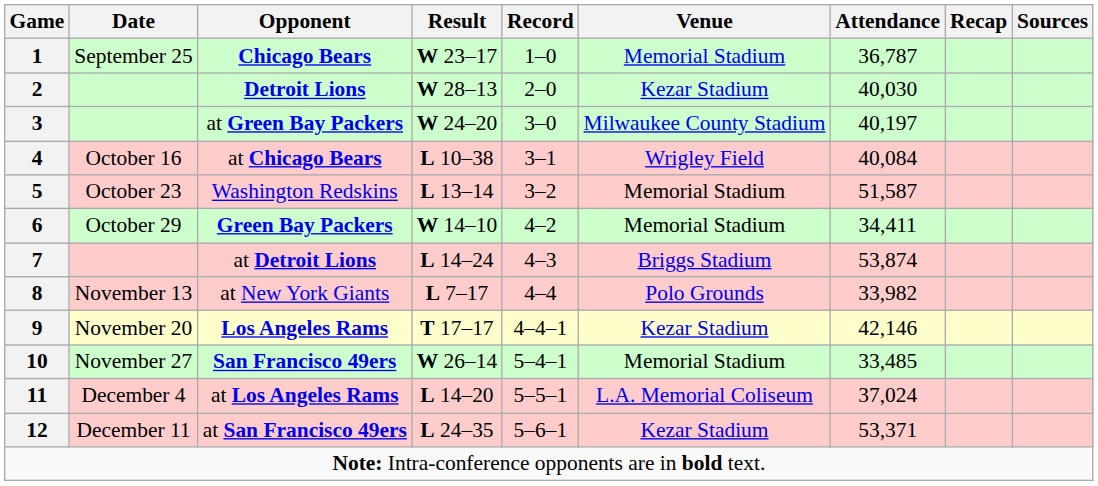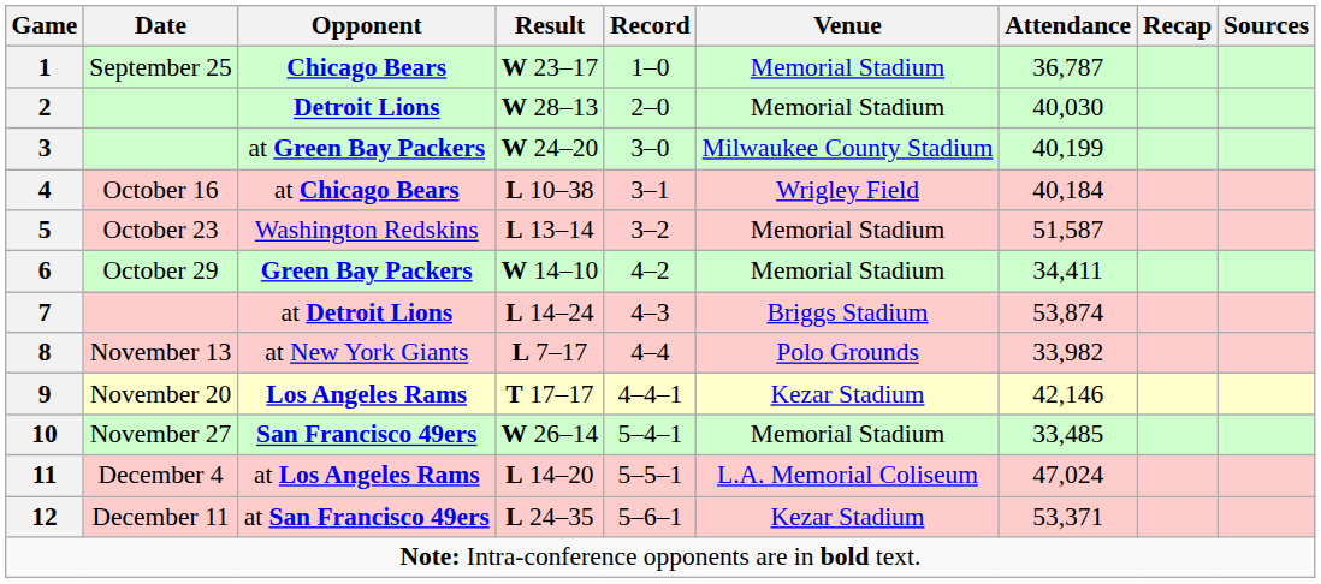 <table class="wikitable" style="text-align:center">
 <tr>
 <th>Game</th>
 <th>Date</th>
 <th>Opponent</th>
 <th>Result</th>
 <th>Record</th>
 <th>Venue</th>
 <th>Attendance</th>
 <th>Recap</th>
 <th>Sources</th>
 </tr>
 <tr style="background:#cfc">
 <th>1</th>
 <td>September 25</td>
 <td><strong><a href='#'>Chicago Bears</a></strong></td>
 <td><strong>W</strong> 23–17</td>
 <td>1–0</td>
 <td><a href='#'>Memorial Stadium</a></td>
 <td>36,787</td>
 <td></td>
 <td></td>
 </tr>
 <tr style="background:#cfc">
 <th>2</th>
 <td></td>
 <td><strong><a href='#'>Detroit Lions</a></strong></td>
 <td><strong>W</strong> 28–13</td>
 <td>2–0</td>
-<td><a href='#'>Kezar Stadium</a></td>
+<td>Memorial Stadium</td>
 <td>40,030</td>
 <td></td>
 <td></td>
 </tr>
 <tr style="background:#cfc">
 <th>3</th>
 <td></td>
 <td>at <strong><a href='#'>Green Bay Packers</a></strong></td>
 <td><strong>W</strong> 24–20</td>
 <td>3–0</td>
 <td><a href='#'>Milwaukee County Stadium</a></td>
-<td>40,197</td>
+<td>40,199</td>
 <td></td>
 <td></td>
 </tr>
 <tr style="background:#fcc">
 <th>4</th>
 <td>October 16</td>
 <td>at <strong><a href='#'>Chicago Bears</a></strong></td>
 <td><strong>L</strong> 10–38</td>
 <td>3–1</td>
 <td><a href='#'>Wrigley Field</a></td>
-<td>40,084</td>
+<td>40,184</td>
 <td></td>
 <td></td>
 </tr>
 <tr style="background:#fcc">
 <th>5</th>
 <td>October 23</td>
 <td><a href='#'>Washington Redskins</a></td>
 <td><strong>L</strong> 13–14</td>
 <td>3–2</td>
 <td>Memorial Stadium</td>
 <td>51,587</td>
 <td></td>
 <td></td>
 </tr>
 <tr style="background:#cfc">
 <th>6</th>
 <td>October 29</td>
 <td><strong><a href='#'>Green Bay Packers</a></strong></td>
 <td><strong>W</strong> 14–10</td>
 <td>4–2</td>
 <td>Memorial Stadium</td>
 <td>34,411</td>
 <td></td>
 <td></td>
 </tr>
 <tr style="background:#fcc">
 <th>7</th>
 <td></td>
 <td>at <strong><a href='#'>Detroit Lions</a></strong></td>
 <td><strong>L</strong> 14–24</td>
 <td>4–3</td>
 <td><a href='#'>Briggs Stadium</a></td>
 <td>53,874</td>
 <td></td>
 <td></td>
 </tr>
 <tr style="background:#fcc">
 <th>8</th>
 <td>November 13</td>
 <td>at <a href='#'>New York Giants</a></td>
 <td><strong>L</strong> 7–17</td>
 <td>4–4</td>
 <td><a href='#'>Polo Grounds</a></td>
 <td>33,982</td>
 <td></td>
 <td></td>
 </tr>
 <tr style="background:#ffc">
 <th>9</th>
 <td>November 20</td>
 <td><strong><a href='#'>Los Angeles Rams</a></strong></td>
 <td><strong>T</strong> 17–17</td>
 <td>4–4–1</td>
 <td><a href='#'>Kezar Stadium</a></td>
 <td>42,146</td>
 <td></td>
 <td></td>
 </tr>
 <tr style="background:#cfc">
 <th>10</th>
 <td>November 27</td>
 <td><strong><a href='#'>San Francisco 49ers</a></strong></td>
 <td><strong>W</strong> 26–14</td>
 <td>5–4–1</td>
 <td>Memorial Stadium</td>
 <td>33,485</td>
 <td></td>
 <td></td>
 </tr>
 <tr style="background:#fcc">
 <th>11</th>
 <td>December 4</td>
 <td>at <strong><a href='#'>Los Angeles Rams</a></strong></td>
 <td><strong>L</strong> 14–20</td>
 <td>5–5–1</td>
 <td><a href='#'>L.A. Memorial Coliseum</a></td>
-<td>37,024</td>
+<td>47,024</td>
 <td></td>
 <td></td>
 </tr>
 <tr style="background:#fcc">
 <th>12</th>
 <td>December 11</td>
 <td>at <strong><a href='#'>San Francisco 49ers</a></strong></td>
 <td><strong>L</strong> 24–35</td>
 <td>5–6–1</td>
 <td><a href='#'>Kezar Stadium</a></td>
 <td>53,371</td>
 <td></td>
 <td></td>
 </tr>
 <tr>
 <td colspan="10"><strong>Note:</strong> Intra-conference opponents are in <strong>bold</strong> text.</td>
 </tr>
 </table>
